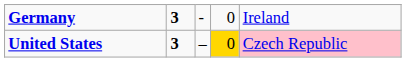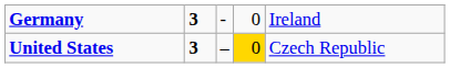 <table class="wikitable">
 <tr>
 <td width=150> <strong><a href='#'>Germany</a></strong></td>
 <td style="width:20px; text-align:left;"><strong>3</strong></td>
 <td>-</td>
 <td style="width:20px; text-align:right;">0</td>
 <td width=150> <a href='#'>Ireland</a></td>
 </tr>
 <tr>
 <td> <strong><a href='#'>United States</a></strong></td>
 <td style="text-align:left;"><strong>3</strong></td>
 <td>–</td>
 <td style="background: gold; text-align:right;">0</td>
-<td style="background: pink;"> <a href='#'>Czech Republic</a></td>
+<td> <a href='#'>Czech Republic</a></td>
 </tr>
 </table>
